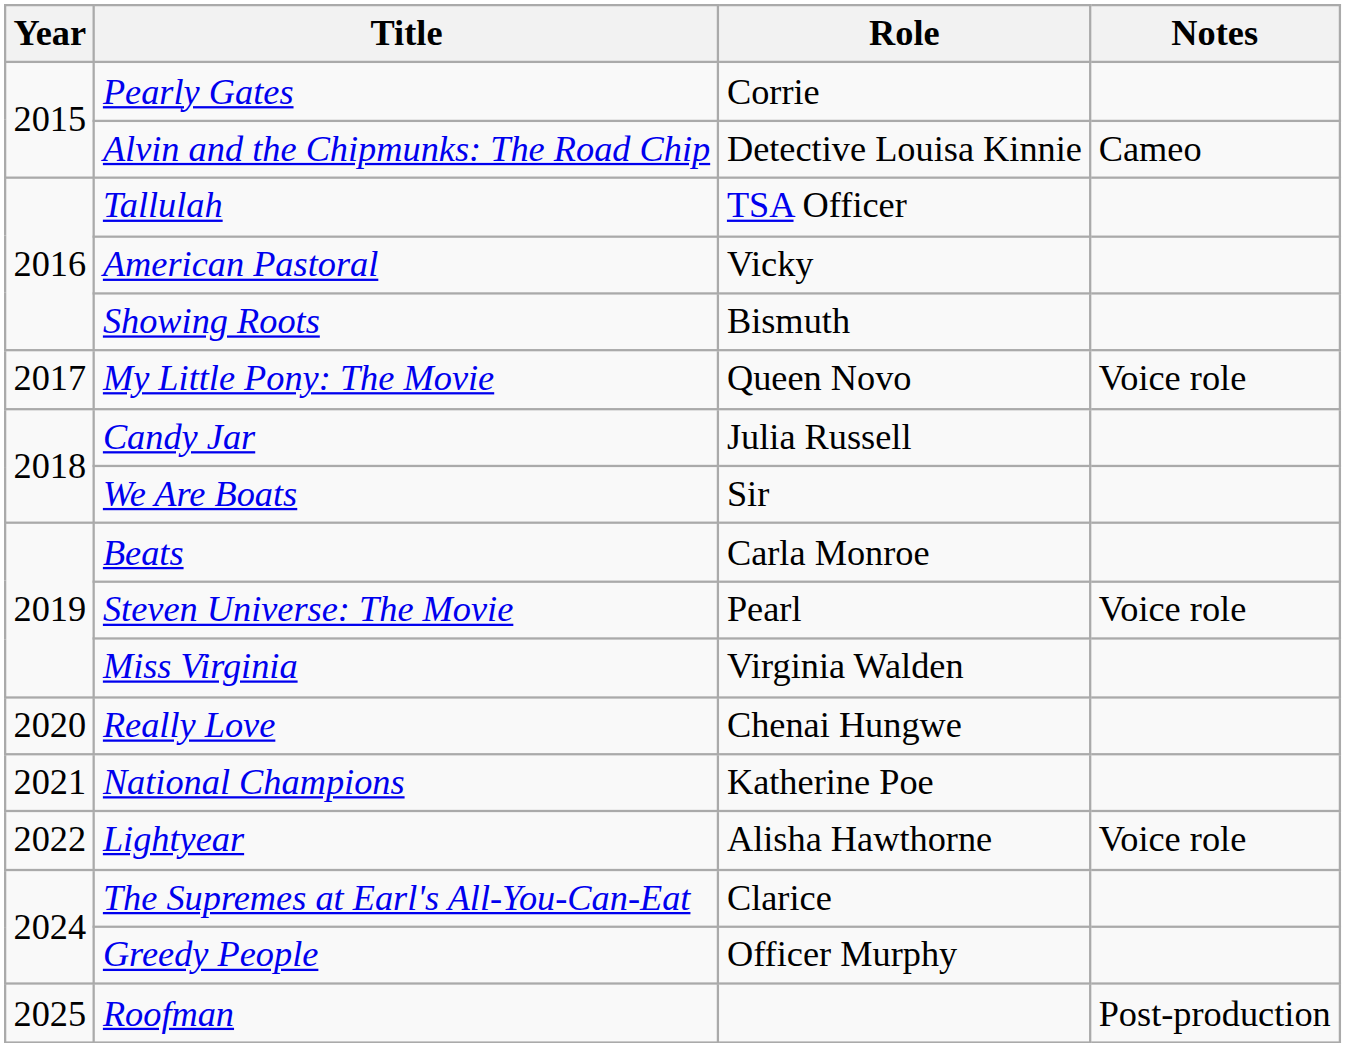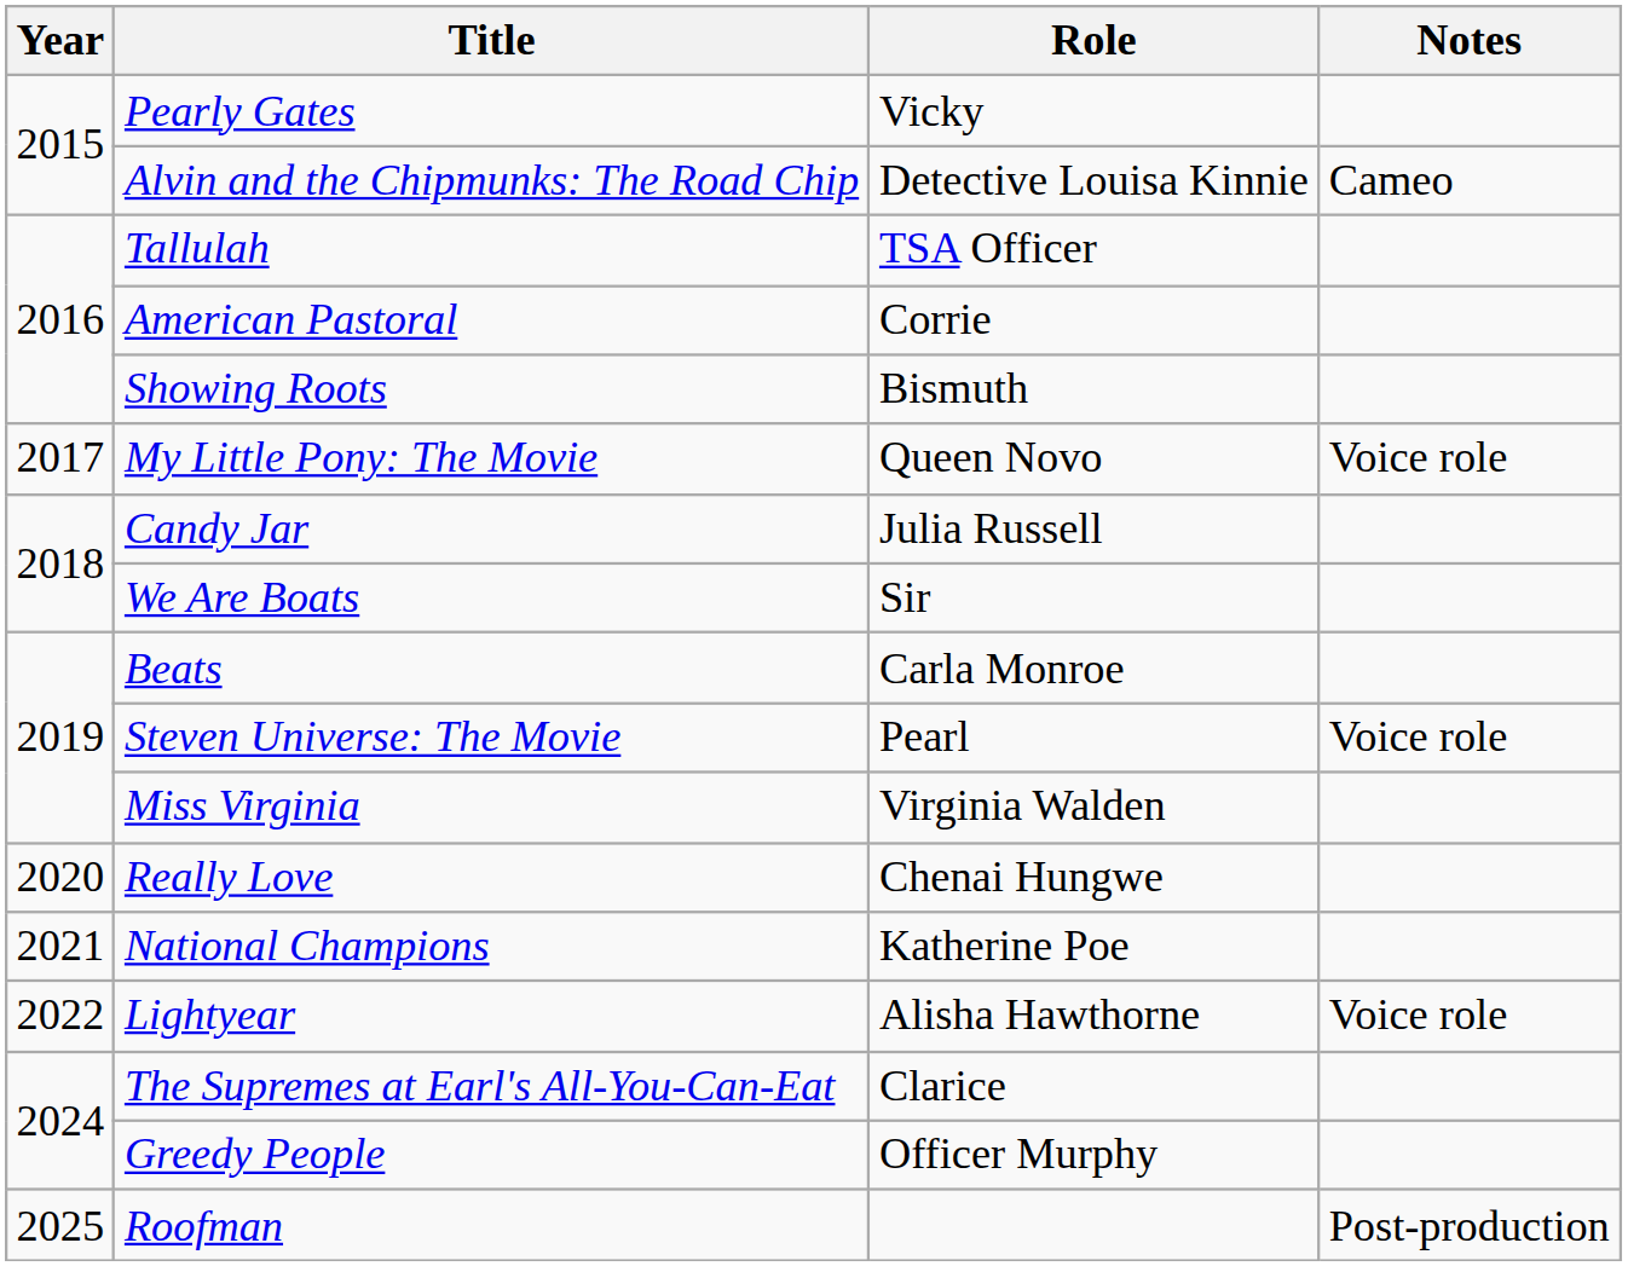 <table class="wikitable sortable">
 <tr>
 <th>Year</th>
 <th>Title</th>
 <th>Role</th>
 <th class="unsortable">Notes</th>
 </tr>
 <tr>
 <td rowspan="2">2015</td>
 <td><em><a href='#'>Pearly Gates</a></em></td>
-<td>Corrie</td>
+<td>Vicky</td>
 <td></td>
 </tr>
 <tr>
 <td><em><a href='#'>Alvin and the Chipmunks: The Road Chip</a></em></td>
 <td>Detective Louisa Kinnie</td>
 <td>Cameo</td>
 </tr>
 <tr>
 <td rowspan="3">2016</td>
 <td><em><a href='#'>Tallulah</a></em></td>
 <td><a href='#'>TSA</a> Officer</td>
 <td></td>
 </tr>
 <tr>
 <td><em><a href='#'>American Pastoral</a></em></td>
-<td>Vicky</td>
+<td>Corrie</td>
 <td></td>
 </tr>
 <tr>
 <td><em><a href='#'>Showing Roots</a></em></td>
 <td>Bismuth</td>
 <td></td>
 </tr>
 <tr>
 <td>2017</td>
 <td><em><a href='#'>My Little Pony: The Movie</a></em></td>
 <td>Queen Novo</td>
 <td>Voice role</td>
 </tr>
 <tr>
 <td rowspan="2">2018</td>
 <td><em><a href='#'>Candy Jar</a></em></td>
 <td>Julia Russell</td>
 <td></td>
 </tr>
 <tr>
 <td><em><a href='#'>We Are Boats</a></em></td>
 <td>Sir</td>
 <td></td>
 </tr>
 <tr>
 <td rowspan="3">2019</td>
 <td><em><a href='#'>Beats</a></em></td>
 <td>Carla Monroe</td>
 <td></td>
 </tr>
 <tr>
 <td><em><a href='#'>Steven Universe: The Movie</a></em></td>
 <td>Pearl</td>
 <td>Voice role</td>
 </tr>
 <tr>
 <td><em><a href='#'>Miss Virginia</a></em></td>
 <td>Virginia Walden</td>
 <td></td>
 </tr>
 <tr>
 <td>2020</td>
 <td><em><a href='#'>Really Love</a></em></td>
 <td>Chenai Hungwe</td>
 <td></td>
 </tr>
 <tr>
 <td>2021</td>
 <td><em><a href='#'>National Champions</a></em></td>
 <td>Katherine Poe</td>
 <td></td>
 </tr>
 <tr>
 <td>2022</td>
 <td><em><a href='#'>Lightyear</a></em></td>
 <td>Alisha Hawthorne</td>
 <td>Voice role</td>
 </tr>
 <tr>
 <td rowspan="2">2024</td>
 <td><em><a href='#'>The Supremes at Earl's All-You-Can-Eat</a></em></td>
 <td>Clarice</td>
 <td></td>
 </tr>
 <tr>
 <td><em><a href='#'>Greedy People</a></em></td>
 <td>Officer Murphy</td>
 <td></td>
 </tr>
 <tr>
 <td>2025</td>
 <td><em><a href='#'>Roofman</a></em></td>
 <td></td>
 <td>Post-production</td>
 </tr>
 </table>
